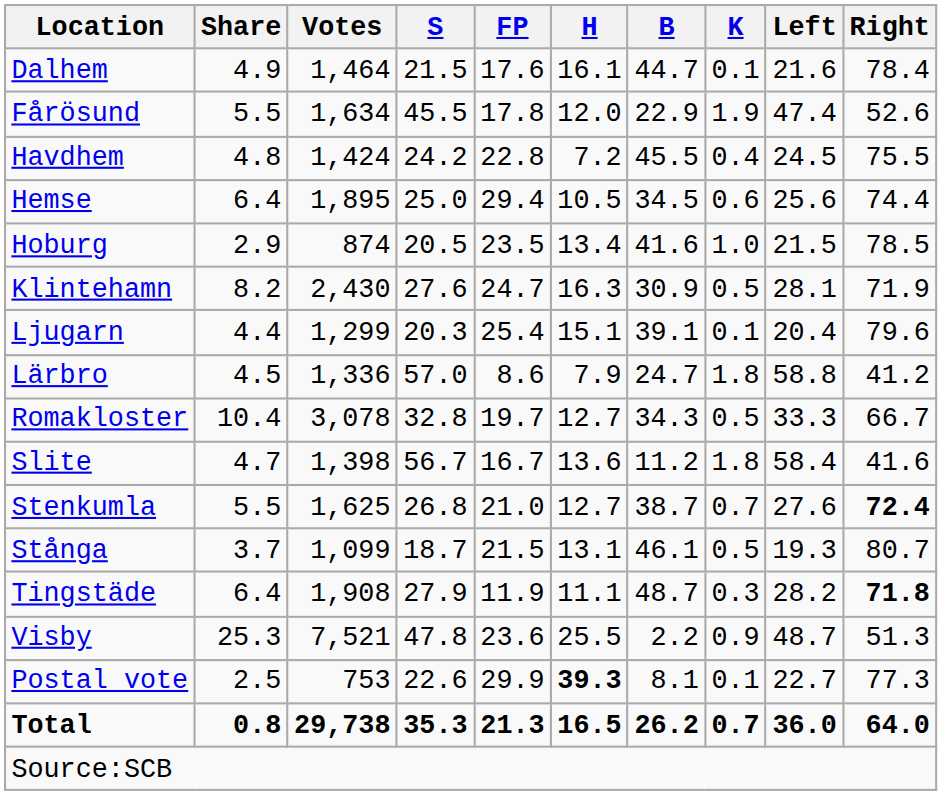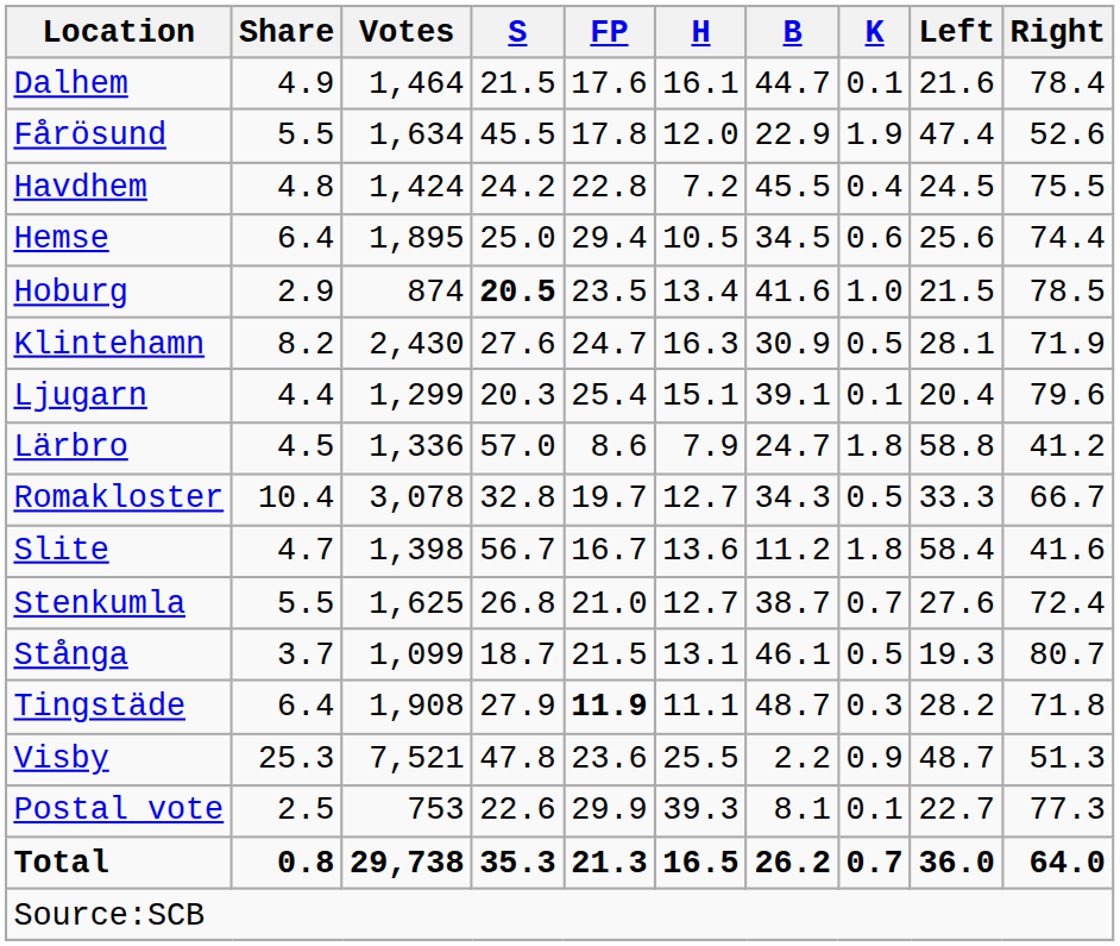 <table class="wikitable sortable" style=text-align:right>
 <tr>
 <th>Location</th>
 <th>Share</th>
 <th>Votes</th>
 <th><a href='#'>S</a></th>
 <th><a href='#'>FP</a></th>
 <th><a href='#'>H</a></th>
 <th><a href='#'>B</a></th>
 <th><a href='#'>K</a></th>
 <th>Left</th>
 <th>Right</th>
 </tr>
 <tr>
 <td align=left><a href='#'>Dalhem</a></td>
 <td>4.9</td>
 <td>1,464</td>
 <td>21.5</td>
 <td>17.6</td>
 <td>16.1</td>
 <td>44.7</td>
 <td>0.1</td>
 <td>21.6</td>
 <td>78.4</td>
 </tr>
 <tr>
 <td align=left><a href='#'>Fårösund</a></td>
 <td>5.5</td>
 <td>1,634</td>
 <td>45.5</td>
 <td>17.8</td>
 <td>12.0</td>
 <td>22.9</td>
 <td>1.9</td>
 <td>47.4</td>
 <td>52.6</td>
 </tr>
 <tr>
 <td align=left><a href='#'>Havdhem</a></td>
 <td>4.8</td>
 <td>1,424</td>
 <td>24.2</td>
 <td>22.8</td>
 <td>7.2</td>
 <td>45.5</td>
 <td>0.4</td>
 <td>24.5</td>
 <td>75.5</td>
 </tr>
 <tr>
 <td align=left><a href='#'>Hemse</a></td>
 <td>6.4</td>
 <td>1,895</td>
 <td>25.0</td>
 <td>29.4</td>
 <td>10.5</td>
 <td>34.5</td>
 <td>0.6</td>
 <td>25.6</td>
 <td>74.4</td>
 </tr>
 <tr>
 <td align=left><a href='#'>Hoburg</a></td>
 <td>2.9</td>
 <td>874</td>
-<td>20.5</td>
+<td><strong>20.5</strong></td>
 <td>23.5</td>
 <td>13.4</td>
 <td>41.6</td>
 <td>1.0</td>
 <td>21.5</td>
 <td>78.5</td>
 </tr>
 <tr>
 <td align=left><a href='#'>Klintehamn</a></td>
 <td>8.2</td>
 <td>2,430</td>
 <td>27.6</td>
 <td>24.7</td>
 <td>16.3</td>
 <td>30.9</td>
 <td>0.5</td>
 <td>28.1</td>
 <td>71.9</td>
 </tr>
 <tr>
 <td align=left><a href='#'>Ljugarn</a></td>
 <td>4.4</td>
 <td>1,299</td>
 <td>20.3</td>
 <td>25.4</td>
 <td>15.1</td>
 <td>39.1</td>
 <td>0.1</td>
 <td>20.4</td>
 <td>79.6</td>
 </tr>
 <tr>
 <td align=left><a href='#'>Lärbro</a></td>
 <td>4.5</td>
 <td>1,336</td>
 <td>57.0</td>
 <td>8.6</td>
 <td>7.9</td>
 <td>24.7</td>
 <td>1.8</td>
 <td>58.8</td>
 <td>41.2</td>
 </tr>
 <tr>
 <td align=left><a href='#'>Romakloster</a></td>
 <td>10.4</td>
 <td>3,078</td>
 <td>32.8</td>
 <td>19.7</td>
 <td>12.7</td>
 <td>34.3</td>
 <td>0.5</td>
 <td>33.3</td>
 <td>66.7</td>
 </tr>
 <tr>
 <td align=left><a href='#'>Slite</a></td>
 <td>4.7</td>
 <td>1,398</td>
 <td>56.7</td>
 <td>16.7</td>
 <td>13.6</td>
 <td>11.2</td>
 <td>1.8</td>
 <td>58.4</td>
 <td>41.6</td>
 </tr>
 <tr>
 <td align=left><a href='#'>Stenkumla</a></td>
 <td>5.5</td>
 <td>1,625</td>
 <td>26.8</td>
 <td>21.0</td>
 <td>12.7</td>
 <td>38.7</td>
 <td>0.7</td>
 <td>27.6</td>
-<td><strong>72.4</strong></td>
+<td>72.4</td>
 </tr>
 <tr>
 <td align=left><a href='#'>Stånga</a></td>
 <td>3.7</td>
 <td>1,099</td>
 <td>18.7</td>
 <td>21.5</td>
 <td>13.1</td>
 <td>46.1</td>
 <td>0.5</td>
 <td>19.3</td>
 <td>80.7</td>
 </tr>
 <tr>
 <td align=left><a href='#'>Tingstäde</a></td>
 <td>6.4</td>
 <td>1,908</td>
 <td>27.9</td>
-<td>11.9</td>
+<td><strong>11.9</strong></td>
 <td>11.1</td>
 <td>48.7</td>
 <td>0.3</td>
 <td>28.2</td>
-<td><strong>71.8</strong></td>
+<td>71.8</td>
 </tr>
 <tr>
 <td align=left><a href='#'>Visby</a></td>
 <td>25.3</td>
 <td>7,521</td>
 <td>47.8</td>
 <td>23.6</td>
 <td>25.5</td>
 <td>2.2</td>
 <td>0.9</td>
 <td>48.7</td>
 <td>51.3</td>
 </tr>
 <tr>
 <td align=left><a href='#'>Postal vote</a></td>
 <td>2.5</td>
 <td>753</td>
 <td>22.6</td>
 <td>29.9</td>
-<td><strong>39.3</strong></td>
+<td>39.3</td>
 <td>8.1</td>
 <td>0.1</td>
 <td>22.7</td>
 <td>77.3</td>
 </tr>
 <tr>
 <td align=left><strong>Total</strong></td>
 <td><strong>0.8</strong></td>
 <td><strong>29,738</strong></td>
 <td><strong>35.3</strong></td>
 <td><strong>21.3</strong></td>
 <td><strong>16.5</strong></td>
 <td><strong>26.2</strong></td>
 <td><strong>0.7</strong></td>
 <td><strong>36.0</strong></td>
 <td><strong>64.0</strong></td>
 </tr>
 <tr>
 <td align=left colspan=10>Source:SCB </td>
 </tr>
 </table>
